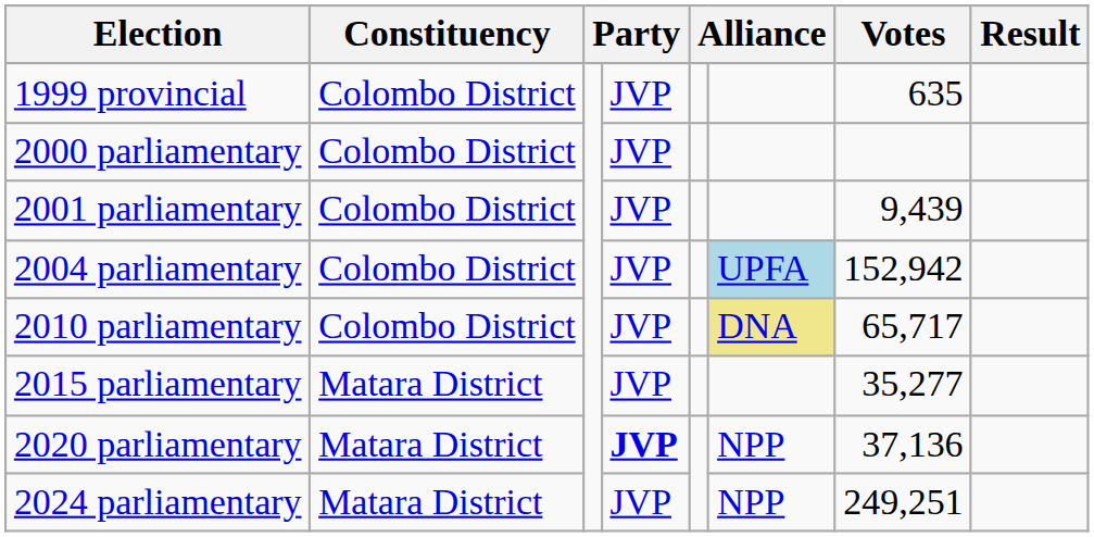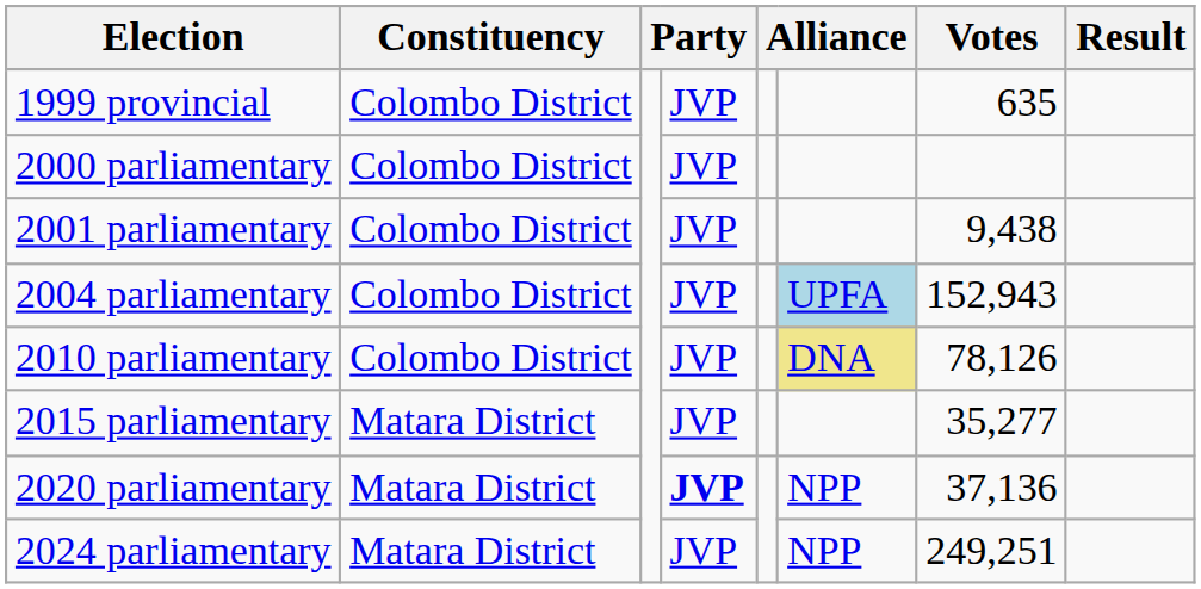 <table class="wikitable" style="text-align:left;">
 <tr>
 <th scope="col">Election</th>
 <th scope="col">Constituency</th>
 <th colspan="2" scope="col">Party</th>
 <th colspan="2" scope="col">Alliance</th>
 <th scope="col">Votes</th>
 <th scope="col">Result</th>
 </tr>
 <tr>
 <td><a href='#'>1999 provincial</a></td>
 <td><a href='#'>Colombo District</a></td>
 <td rowspan="8" style="background:"></td>
 <td><a href='#'>JVP</a></td>
 <td></td>
 <td></td>
 <td align="right">635</td>
 <td></td>
 </tr>
 <tr>
 <td><a href='#'>2000 parliamentary</a></td>
 <td><a href='#'>Colombo District</a></td>
 <td><a href='#'>JVP</a></td>
 <td></td>
 <td></td>
 <td align="right"></td>
 <td></td>
 </tr>
 <tr>
 <td><a href='#'>2001 parliamentary</a></td>
 <td><a href='#'>Colombo District</a></td>
 <td><a href='#'>JVP</a></td>
 <td></td>
 <td></td>
-<td align="right">9,439</td>
+<td align="right">9,438</td>
 <td></td>
 </tr>
 <tr>
 <td><a href='#'>2004 parliamentary</a></td>
 <td><a href='#'>Colombo District</a></td>
 <td><a href='#'>JVP</a></td>
 <td style="background:"></td>
 <td style="background: lightblue;"><a href='#'>UPFA</a></td>
-<td align="right">152,942</td>
+<td align="right">152,943</td>
 <td></td>
 </tr>
 <tr>
 <td><a href='#'>2010 parliamentary</a></td>
 <td><a href='#'>Colombo District</a></td>
 <td><a href='#'>JVP</a></td>
 <td style="background:"></td>
 <td style="background: khaki;"><a href='#'>DNA</a></td>
-<td align="right">65,717</td>
+<td align="right">78,126</td>
 <td></td>
 </tr>
 <tr>
 <td><a href='#'>2015 parliamentary</a></td>
 <td><a href='#'>Matara District</a></td>
 <td><a href='#'>JVP</a></td>
 <td></td>
 <td></td>
 <td align="right">35,277</td>
 <td></td>
 </tr>
 <tr>
 <td><a href='#'>2020 parliamentary</a></td>
 <td><a href='#'>Matara District</a></td>
 <td><strong><a href='#'>JVP</a></strong></td>
 <td rowspan="8" style="background:"></td>
 <td><a href='#'>NPP</a></td>
 <td align="right">37,136</td>
 <td></td>
 </tr>
 <tr>
 <td><a href='#'>2024 parliamentary</a></td>
 <td><a href='#'>Matara District</a></td>
 <td><a href='#'>JVP</a></td>
 <td><a href='#'>NPP</a></td>
 <td>249,251</td>
 <td></td>
 </tr>
 </table>
